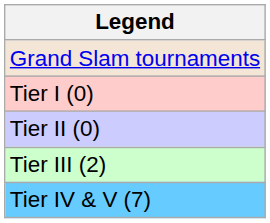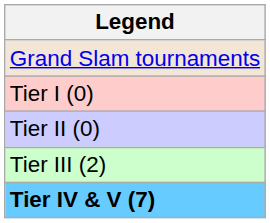 <table class="wikitable sortable mw-collapsible mw-collapsed">
 <tr>
 <th>Legend</th>
 </tr>
 <tr>
 <td align=center colspan=2 bgcolor=#f3e6d7><a href='#'>Grand Slam tournaments</a></td>
 </tr>
 <tr>
 <td style="background:#ffcccc;">Tier I (0)</td>
 </tr>
 <tr>
 <td style="background:#ccccff;">Tier II (0)</td>
 </tr>
 <tr>
 <td style="background:#ccffcc;">Tier III (2)</td>
 </tr>
 <tr>
-<td style="background:#66ccff;">Tier IV & V (7)</td>
+<td style="background:#66ccff;"><strong>Tier IV & V (7)</strong></td>
 </tr>
 </table>
